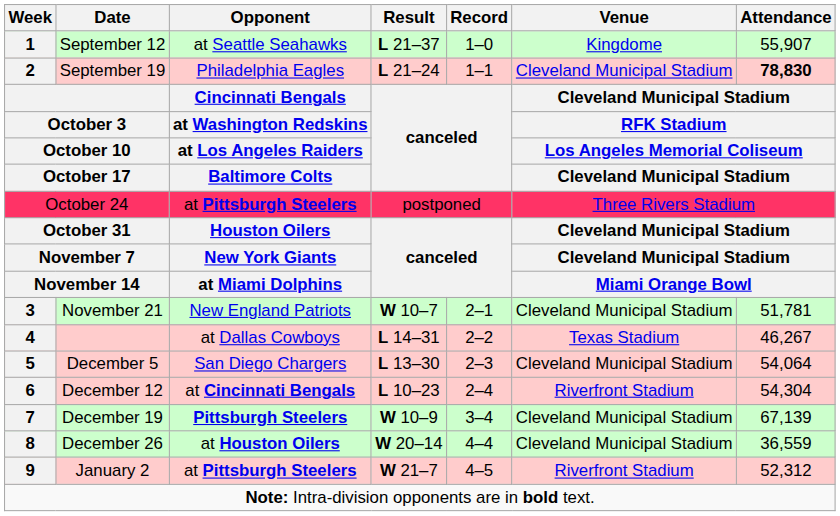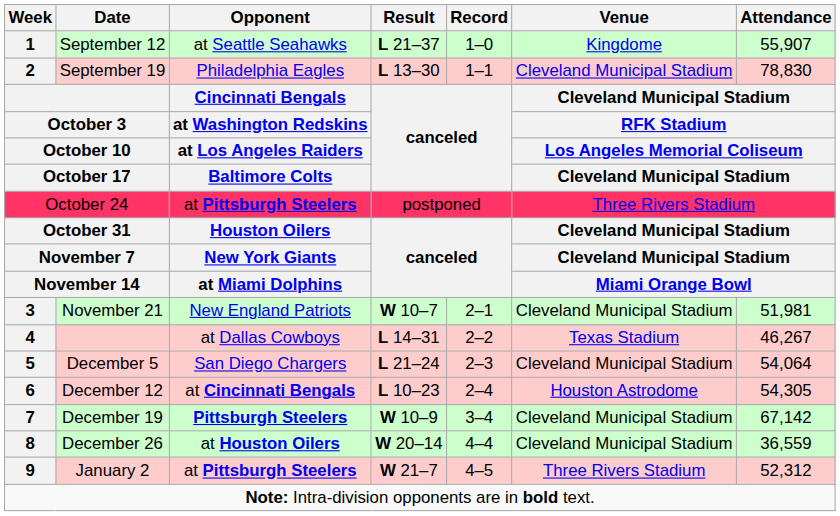 <table class="wikitable" style="text-align:center">
 <tr>
 <th>Week</th>
 <th>Date</th>
 <th>Opponent</th>
 <th>Result</th>
 <th>Record</th>
 <th>Venue</th>
 <th>Attendance</th>
 </tr>
 <tr style="background:#cfc">
 <th>1</th>
 <td>September 12</td>
 <td>at <a href='#'>Seattle Seahawks</a></td>
 <td><strong>L</strong> 21–37</td>
 <td>1–0</td>
 <td><a href='#'>Kingdome</a></td>
 <td>55,907</td>
 </tr>
 <tr style="background:#fcc">
 <th>2</th>
 <td>September 19</td>
 <td><a href='#'>Philadelphia Eagles</a></td>
-<td><strong>L</strong> 21–24</td>
+<td><strong>L</strong> 13–30</td>
 <td>1–1</td>
 <td><a href='#'>Cleveland Municipal Stadium</a></td>
-<td><strong>78,830</strong></td>
+<td>78,830</td>
 </tr>
 <tr>
 <th colspan="2"></th>
 <th><strong><a href='#'>Cincinnati Bengals</a></strong></th>
 <th colspan="2" rowspan="4">canceled</th>
 <th colspan="2">Cleveland Municipal Stadium</th>
 </tr>
 <tr>
 <th colspan="2">October 3</th>
 <th>at <a href='#'>Washington Redskins</a></th>
 <th colspan="2"><a href='#'>RFK Stadium</a></th>
 </tr>
 <tr>
 <th colspan="2">October 10</th>
 <th>at <a href='#'>Los Angeles Raiders</a></th>
 <th colspan="2"><a href='#'>Los Angeles Memorial Coliseum</a></th>
 </tr>
 <tr>
 <th colspan="2">October 17</th>
 <th><a href='#'>Baltimore Colts</a></th>
 <th colspan="2">Cleveland Municipal Stadium</th>
 </tr>
 <tr style="background:#F36;">
 <td colspan="2">October 24</td>
 <td>at <strong><a href='#'>Pittsburgh Steelers</a></strong></td>
 <td colspan="2">postponed</td>
 <td colspan="2"><a href='#'>Three Rivers Stadium</a></td>
 </tr>
 <tr>
 <th colspan="2">October 31</th>
 <th><strong><a href='#'>Houston Oilers</a></strong></th>
 <th colspan="2" rowspan="3">canceled</th>
 <th colspan="2">Cleveland Municipal Stadium</th>
 </tr>
 <tr>
 <th colspan="2">November 7</th>
 <th><a href='#'>New York Giants</a></th>
 <th colspan="2">Cleveland Municipal Stadium</th>
 </tr>
 <tr>
 <th colspan="2">November 14</th>
 <th>at <a href='#'>Miami Dolphins</a></th>
 <th colspan="2"><a href='#'>Miami Orange Bowl</a></th>
 </tr>
 <tr style="background:#cfc">
 <th>3</th>
 <td>November 21</td>
 <td><a href='#'>New England Patriots</a></td>
 <td><strong>W</strong> 10–7</td>
 <td>2–1</td>
 <td>Cleveland Municipal Stadium</td>
-<td>51,781</td>
+<td>51,981</td>
 </tr>
 <tr style="background:#fcc">
 <th>4</th>
 <td></td>
 <td>at <a href='#'>Dallas Cowboys</a></td>
 <td><strong>L</strong> 14–31</td>
 <td>2–2</td>
 <td><a href='#'>Texas Stadium</a></td>
 <td>46,267</td>
 </tr>
 <tr style="background:#fcc">
 <th>5</th>
 <td>December 5</td>
 <td><a href='#'>San Diego Chargers</a></td>
-<td><strong>L</strong> 13–30</td>
+<td><strong>L</strong> 21–24</td>
 <td>2–3</td>
 <td>Cleveland Municipal Stadium</td>
 <td>54,064</td>
 </tr>
 <tr style="background:#fcc">
 <th>6</th>
 <td>December 12</td>
 <td>at <strong><a href='#'>Cincinnati Bengals</a></strong></td>
 <td><strong>L</strong> 10–23</td>
 <td>2–4</td>
-<td><a href='#'>Riverfront Stadium</a></td>
-<td>54,304</td>
+<td><a href='#'>Houston Astrodome</a></td>
+<td>54,305</td>
 </tr>
 <tr style="background:#cfc">
 <th>7</th>
 <td>December 19</td>
 <td><strong><a href='#'>Pittsburgh Steelers</a></strong></td>
 <td><strong>W</strong> 10–9</td>
 <td>3–4</td>
 <td>Cleveland Municipal Stadium</td>
-<td>67,139</td>
+<td>67,142</td>
 </tr>
 <tr style="background:#cfc">
 <th>8</th>
 <td>December 26</td>
 <td>at <strong><a href='#'>Houston Oilers</a></strong></td>
 <td><strong>W</strong> 20–14</td>
 <td>4–4</td>
 <td>Cleveland Municipal Stadium</td>
 <td>36,559</td>
 </tr>
 <tr style="background:#fcc">
 <th>9</th>
 <td>January 2</td>
 <td>at <strong><a href='#'>Pittsburgh Steelers</a></strong></td>
 <td><strong>W</strong> 21–7</td>
 <td>4–5</td>
-<td><a href='#'>Riverfront Stadium</a></td>
+<td><a href='#'>Three Rivers Stadium</a></td>
 <td>52,312</td>
 </tr>
 <tr>
 <td colspan="8"><strong>Note:</strong> Intra-division opponents are in <strong>bold</strong> text.</td>
 </tr>
 </table>
